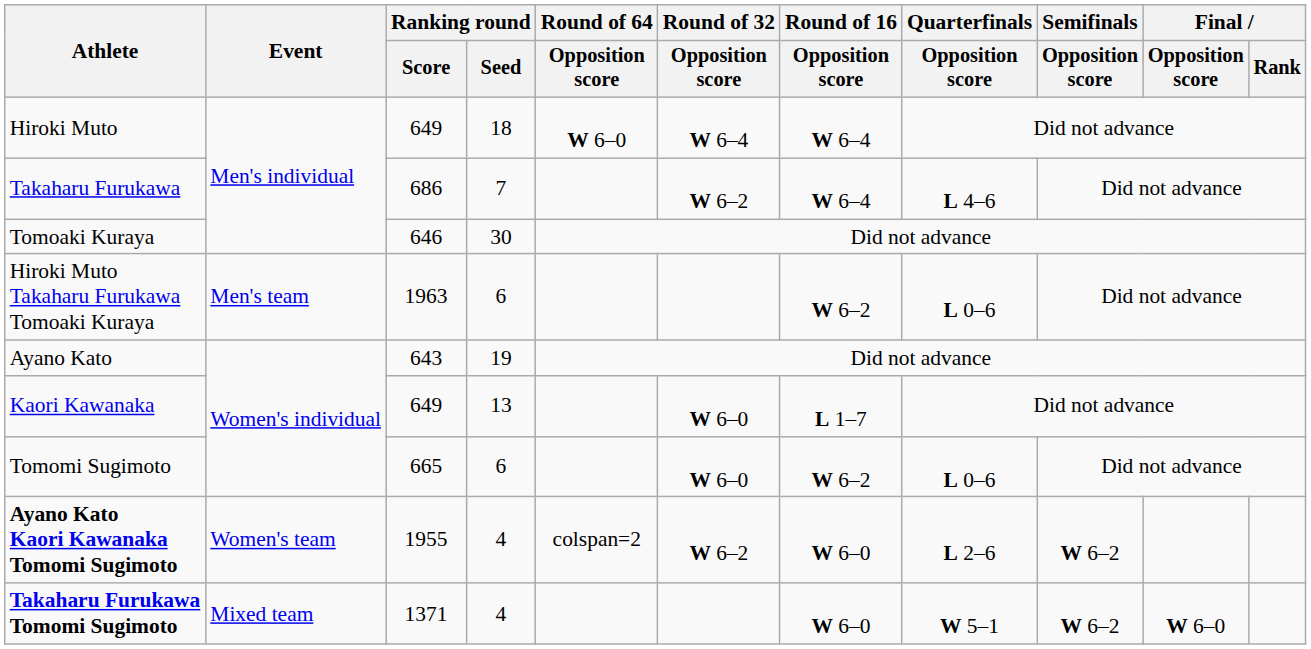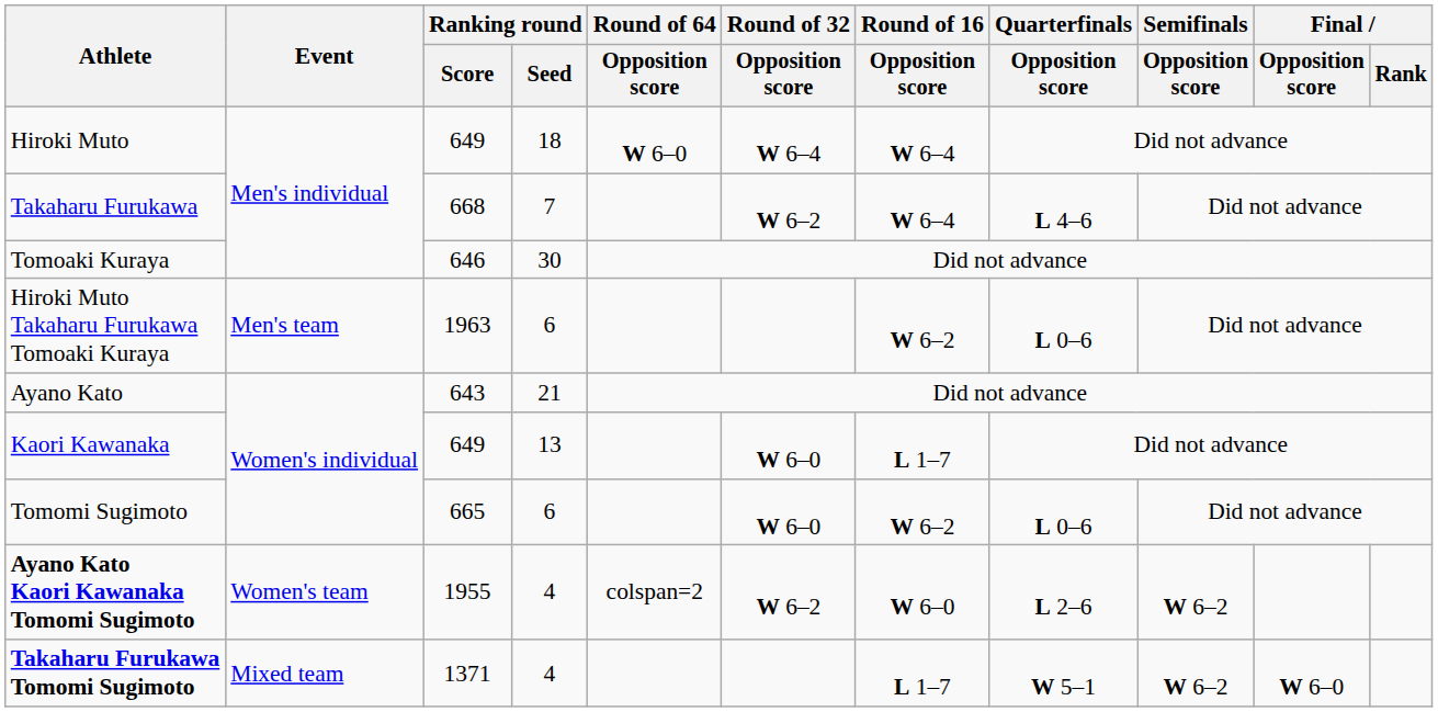 <table class="wikitable" style="font-size:90%; text-align:center;">
 <tr>
 <th rowspan="2">Athlete</th>
 <th rowspan="2">Event</th>
 <th colspan="2">Ranking round</th>
 <th>Round of 64</th>
 <th>Round of 32</th>
 <th>Round of 16</th>
 <th>Quarterfinals</th>
 <th>Semifinals</th>
 <th colspan=2>Final / </th>
 </tr>
 <tr style=font-size:95%>
 <th>Score</th>
 <th>Seed</th>
 <th>Opposition<br> score</th>
 <th>Opposition<br> score</th>
 <th>Opposition<br> score</th>
 <th>Opposition<br> score</th>
 <th>Opposition<br> score</th>
 <th>Opposition<br> score</th>
 <th>Rank</th>
 </tr>
 <tr>
 <td style="text-align:left">Hiroki Muto</td>
 <td style="text-align:left" rowspan=3><a href='#'>Men's individual</a></td>
 <td>649</td>
 <td>18</td>
 <td><br><strong>W</strong> 6–0</td>
 <td><br><strong>W</strong> 6–4</td>
 <td><br><strong>W</strong> 6–4</td>
 <td colspan=4>Did not advance</td>
 </tr>
 <tr>
 <td style="text-align:left"><a href='#'>Takaharu Furukawa</a></td>
-<td>686</td>
+<td>668</td>
 <td>7</td>
 <td></td>
 <td><br><strong>W</strong> 6–2</td>
 <td><br><strong>W</strong> 6–4</td>
 <td><br><strong>L</strong> 4–6</td>
 <td colspan=3>Did not advance</td>
 </tr>
 <tr>
 <td style="text-align:left">Tomoaki Kuraya</td>
 <td>646</td>
 <td>30</td>
 <td colspan=7>Did not advance</td>
 </tr>
 <tr>
 <td style="text-align:left">Hiroki Muto<br><a href='#'>Takaharu Furukawa</a><br>Tomoaki Kuraya</td>
 <td style="text-align:left"><a href='#'>Men's team</a></td>
 <td>1963</td>
 <td>6</td>
 <td></td>
 <td></td>
 <td><br><strong>W</strong> 6–2</td>
 <td><br><strong>L</strong> 0–6</td>
 <td colspan=3>Did not advance</td>
 </tr>
 <tr>
 <td style="text-align:left">Ayano Kato</td>
 <td style="text-align:left" rowspan=3><a href='#'>Women's individual</a></td>
 <td>643</td>
-<td>19</td>
+<td>21</td>
 <td colspan=7>Did not advance</td>
 </tr>
 <tr>
 <td style="text-align:left"><a href='#'>Kaori Kawanaka</a></td>
 <td>649</td>
 <td>13</td>
 <td></td>
 <td><br><strong>W</strong> 6–0</td>
 <td><br><strong>L</strong> 1–7</td>
 <td colspan=4>Did not advance</td>
 </tr>
 <tr>
 <td style="text-align:left">Tomomi Sugimoto</td>
 <td>665</td>
 <td>6</td>
 <td></td>
 <td><br><strong>W</strong> 6–0</td>
 <td><br><strong>W</strong> 6–2</td>
 <td><br><strong>L</strong> 0–6</td>
 <td colspan=3>Did not advance</td>
 </tr>
 <tr>
 <td style="text-align:left"><strong>Ayano Kato<br><a href='#'>Kaori Kawanaka</a><br>Tomomi Sugimoto</strong></td>
 <td style="text-align:left"><a href='#'>Women's team</a></td>
 <td>1955</td>
 <td>4</td>
 <td>colspan=2</td>
 <td><br><strong>W</strong> 6–2</td>
 <td><br><strong>W</strong> 6–0</td>
 <td><br><strong>L</strong> 2–6</td>
 <td><br><strong>W</strong> 6–2</td>
 <td></td>
 </tr>
 <tr>
 <td style="text-align:left"><strong><a href='#'>Takaharu Furukawa</a><br>Tomomi Sugimoto</strong></td>
 <td style="text-align:left"><a href='#'>Mixed team</a></td>
 <td>1371</td>
 <td>4</td>
 <td></td>
 <td></td>
-<td><br><strong>W</strong> 6–0</td>
+<td><br><strong>L</strong> 1–7</td>
 <td><br><strong>W</strong> 5–1</td>
 <td><br><strong>W</strong> 6–2</td>
 <td><br><strong>W</strong> 6–0</td>
 <td></td>
 </tr>
 </table>
